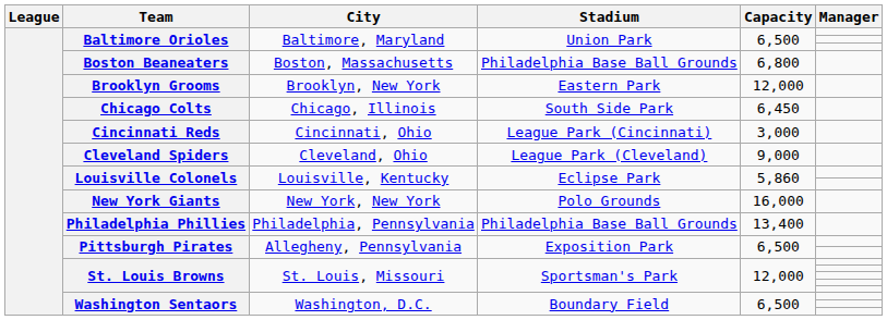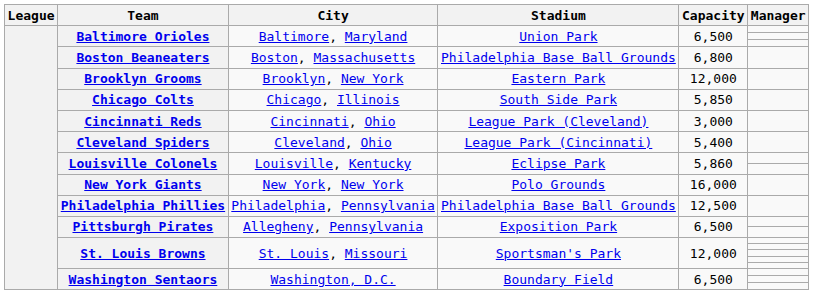 <table class="wikitable sortable plainrowheaders" style="text-align:center;">
 <tr>
 <th scope="col">League</th>
 <th scope="col">Team</th>
 <th scope="col">City</th>
 <th scope="col">Stadium</th>
 <th scope="col">Capacity</th>
 <th scope="col">Manager</th>
 </tr>
 <tr>
 <th rowspan="22"></th>
 <th rowspan="3" scope="row"><a href='#'>Baltimore Orioles</a></th>
 <td rowspan="3"><a href='#'>Baltimore</a>, <a href='#'>Maryland</a></td>
 <td rowspan="3"><a href='#'>Union Park</a></td>
 <td rowspan="3">6,500</td>
 <td></td>
 </tr>
 <tr>
 <td></td>
 </tr>
 <tr>
 <td></td>
 </tr>
 <tr>
 <th scope="row"><a href='#'>Boston Beaneaters</a></th>
 <td><a href='#'>Boston</a>, <a href='#'>Massachusetts</a></td>
 <td><a href='#'>Philadelphia Base Ball Grounds</a></td>
 <td>6,800</td>
 <td></td>
 </tr>
 <tr>
 <th scope="row"><a href='#'>Brooklyn Grooms</a></th>
 <td><a href='#'>Brooklyn</a>, <a href='#'>New York</a></td>
 <td><a href='#'>Eastern Park</a></td>
 <td>12,000</td>
 <td></td>
 </tr>
 <tr>
 <th scope="row"><a href='#'>Chicago Colts</a></th>
 <td><a href='#'>Chicago</a>, <a href='#'>Illinois</a></td>
 <td><a href='#'>South Side Park</a></td>
-<td>6,450</td>
+<td>5,850</td>
 <td></td>
 </tr>
 <tr>
 <th scope="row"><a href='#'>Cincinnati Reds</a></th>
 <td><a href='#'>Cincinnati</a>, <a href='#'>Ohio</a></td>
-<td><a href='#'>League Park (Cincinnati)</a></td>
+<td><a href='#'>League Park (Cleveland)</a></td>
 <td>3,000</td>
 <td></td>
 </tr>
 <tr>
 <th scope="row"><a href='#'>Cleveland Spiders</a></th>
 <td><a href='#'>Cleveland</a>, <a href='#'>Ohio</a></td>
-<td><a href='#'>League Park (Cleveland)</a></td>
-<td>9,000</td>
+<td><a href='#'>League Park (Cincinnati)</a></td>
+<td>5,400</td>
 <td></td>
 </tr>
 <tr>
 <th rowspan="2" scope="row"><a href='#'>Louisville Colonels</a></th>
 <td rowspan="2"><a href='#'>Louisville</a>, <a href='#'>Kentucky</a></td>
 <td rowspan="2"><a href='#'>Eclipse Park</a></td>
 <td rowspan="2">5,860</td>
 <td></td>
 </tr>
 <tr>
 <td></td>
 </tr>
 <tr>
 <th scope="row"><a href='#'>New York Giants</a></th>
 <td><a href='#'>New York</a>, <a href='#'>New York</a></td>
 <td><a href='#'>Polo Grounds</a></td>
 <td>16,000</td>
 <td></td>
 </tr>
 <tr>
 <th scope="row"><a href='#'>Philadelphia Phillies</a></th>
 <td><a href='#'>Philadelphia</a>, <a href='#'>Pennsylvania</a></td>
 <td><a href='#'>Philadelphia Base Ball Grounds</a></td>
-<td>13,400</td>
+<td>12,500</td>
 <td></td>
 </tr>
 <tr>
 <th rowspan="2" scope="row"><a href='#'>Pittsburgh Pirates</a></th>
 <td rowspan="2"><a href='#'>Allegheny</a>, <a href='#'>Pennsylvania</a></td>
 <td rowspan="2"><a href='#'>Exposition Park</a></td>
 <td rowspan="2">6,500</td>
 <td></td>
 </tr>
 <tr>
 <td></td>
 </tr>
 <tr>
 <th rowspan="5" scope="row"><a href='#'>St. Louis Browns</a></th>
 <td rowspan="5"><a href='#'>St. Louis</a>, <a href='#'>Missouri</a></td>
 <td rowspan="5"><a href='#'>Sportsman's Park</a></td>
 <td rowspan="5">12,000</td>
 <td></td>
 </tr>
 <tr>
 <td></td>
 </tr>
 <tr>
 <td></td>
 </tr>
 <tr>
 <td></td>
 </tr>
 <tr>
 <td></td>
 </tr>
 <tr>
 <th rowspan="3" scope="row"><a href='#'>Washington Sentaors</a></th>
 <td rowspan="3"><a href='#'>Washington, D.C.</a></td>
 <td rowspan="3"><a href='#'>Boundary Field</a></td>
 <td rowspan="3">6,500</td>
 <td></td>
 </tr>
 <tr>
 <td></td>
 </tr>
 <tr>
 <td></td>
 </tr>
 </table>
